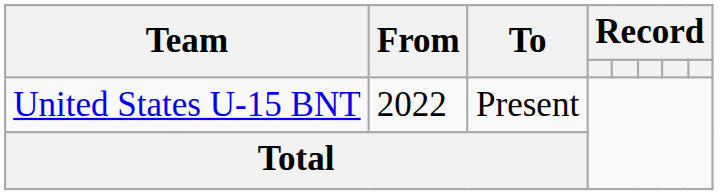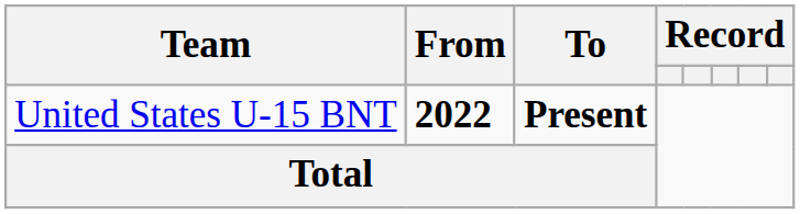 <table class=wikitable style=text-align:center>
 <tr>
 <th rowspan="2">Team</th>
 <th rowspan="2">From</th>
 <th rowspan="2">To</th>
 <th colspan="5">Record</th>
 </tr>
 <tr>
 <th></th>
 <th></th>
 <th></th>
 <th></th>
 <th></th>
 </tr>
 <tr>
 <td align=left><a href='#'>United States U-15 BNT</a></td>
-<td align=left>2022</td>
-<td align=left>Present<br></td>
+<td align=left><strong>2022</strong></td>
+<td align=left><strong>Present<br></strong></td>
 </tr>
 <tr>
 <th colspan="3">Total<br></th>
 </tr>
 </table>
